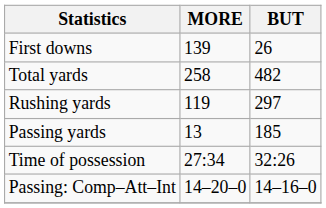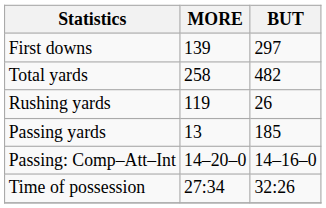 <table class="wikitable" style="float: left;">
 <tr>
 <th>Statistics</th>
 <th>MORE</th>
 <th>BUT</th>
 </tr>
 <tr>
 <td>First downs</td>
 <td>139</td>
-<td>26</td>
+<td>297</td>
 </tr>
 <tr>
 <td>Total yards</td>
 <td>258</td>
 <td>482</td>
 </tr>
 <tr>
 <td>Rushing yards</td>
 <td>119</td>
-<td>297</td>
+<td>26</td>
 </tr>
 <tr>
 <td>Passing yards</td>
 <td>13</td>
 <td>185</td>
 </tr>
 <tr>
+<td>Passing: Comp–Att–Int</td>
+<td>14–20–0</td>
+<td>14–16–0</td>
+</tr>
+<tr>
 <td>Time of possession</td>
 <td>27:34</td>
 <td>32:26</td>
 </tr>
 <tr>
-<td>Passing: Comp–Att–Int</td>
-<td>14–20–0</td>
-<td>14–16–0</td>
-</tr>
-<tr>
 </tr>
 </table>
